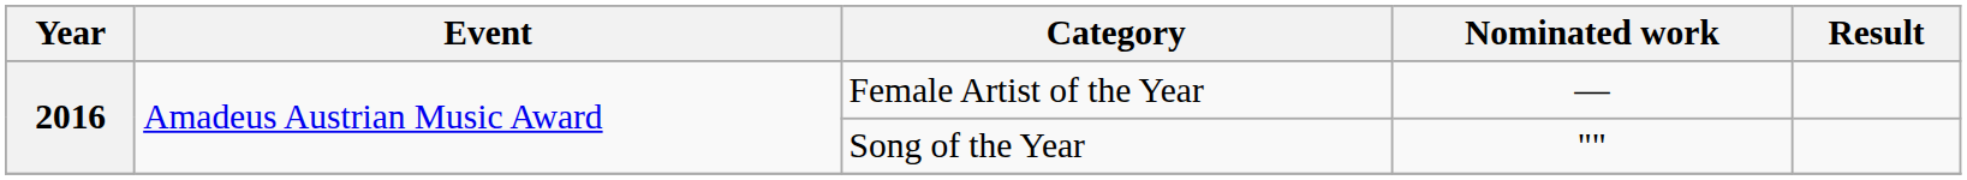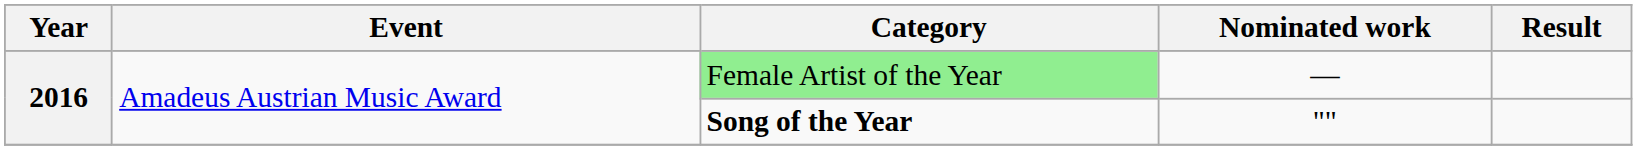 <table class="wikitable plainrowheaders" style="width:70%;">
 <tr>
 <th scope="col">Year</th>
 <th scope="col">Event</th>
 <th scope="col">Category</th>
 <th scope="col">Nominated work</th>
 <th scope="col">Result</th>
 </tr>
 <tr>
 <th scope="row" rowspan=2>2016</th>
 <td rowspan=2><a href='#'>Amadeus Austrian Music Award</a></td>
-<td>Female Artist of the Year</td>
+<td style="background: lightgreen;">Female Artist of the Year</td>
 <td style="text-align:center;">—</td>
 <td></td>
 </tr>
 <tr>
-<td>Song of the Year</td>
+<td><strong>Song of the Year</strong></td>
 <td style="text-align:center;">""</td>
 <td></td>
 </tr>
 <tr>
 </tr>
 </table>
